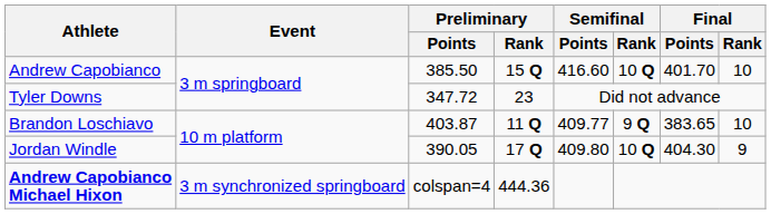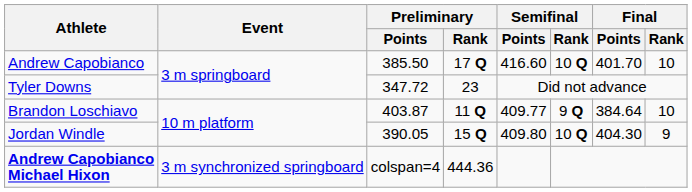 <table class=wikitable style=font-size:90%;text-align:center>
 <tr>
 <th rowspan=2>Athlete</th>
 <th rowspan=2>Event</th>
 <th colspan=2>Preliminary</th>
 <th colspan=2>Semifinal</th>
 <th colspan=2>Final</th>
 </tr>
 <tr style=font-size:95%>
 <th>Points</th>
 <th>Rank</th>
 <th>Points</th>
 <th>Rank</th>
 <th>Points</th>
 <th>Rank</th>
 </tr>
 <tr>
 <td align=left><a href='#'>Andrew Capobianco</a></td>
 <td align=left rowspan=2><a href='#'>3 m springboard</a></td>
 <td>385.50</td>
-<td>15 <strong>Q</strong></td>
+<td>17 <strong>Q</strong></td>
 <td>416.60</td>
 <td>10 <strong>Q</strong></td>
 <td>401.70</td>
 <td>10</td>
 </tr>
 <tr>
 <td align=left><a href='#'>Tyler Downs</a></td>
 <td>347.72</td>
 <td>23</td>
 <td colspan=4>Did not advance</td>
 </tr>
 <tr>
 <td align=left><a href='#'>Brandon Loschiavo</a></td>
 <td align=left rowspan=2><a href='#'>10 m platform</a></td>
 <td>403.87</td>
 <td>11 <strong>Q</strong></td>
 <td>409.77</td>
 <td>9 <strong>Q</strong></td>
-<td>383.65</td>
+<td>384.64</td>
 <td>10</td>
 </tr>
 <tr>
 <td align=left><a href='#'>Jordan Windle</a></td>
 <td>390.05</td>
-<td>17 <strong>Q</strong></td>
+<td>15 <strong>Q</strong></td>
 <td>409.80</td>
 <td>10 <strong>Q</strong></td>
 <td>404.30</td>
 <td>9</td>
 </tr>
 <tr>
 <td align=left><strong><a href='#'>Andrew Capobianco</a><br><a href='#'>Michael Hixon</a></strong></td>
 <td align=left><a href='#'>3 m synchronized springboard</a></td>
 <td>colspan=4 </td>
 <td>444.36</td>
 <td></td>
 </tr>
 </table>
